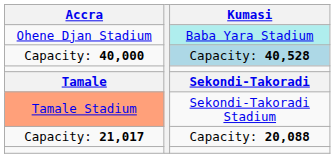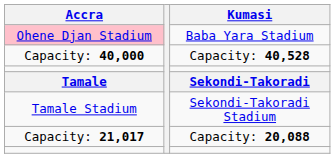 <table class=wikitable style="text-align:center">
 <tr>
 <th width=160><a href='#'>Accra</a></th>
 <th rowspan=8><br></th>
 <th width=160><a href='#'>Kumasi</a></th>
 </tr>
 <tr>
-<td><a href='#'>Ohene Djan Stadium</a></td>
-<td style="background: paleturquoise;"><a href='#'>Baba Yara Stadium</a></td>
+<td style="background: pink;"><a href='#'>Ohene Djan Stadium</a></td>
+<td><a href='#'>Baba Yara Stadium</a></td>
 </tr>
 <tr>
 <td>Capacity: <strong>40,000</strong></td>
-<td style="background: lightblue;">Capacity: <strong>40,528</strong></td>
+<td>Capacity: <strong>40,528</strong></td>
 </tr>
 <tr>
 <td></td>
 <td></td>
 </tr>
 <tr>
 <th width=160><a href='#'>Tamale</a></th>
 <th><a href='#'>Sekondi-Takoradi</a></th>
 </tr>
 <tr>
-<td style="background: lightsalmon;"><a href='#'>Tamale Stadium</a></td>
+<td><a href='#'>Tamale Stadium</a></td>
 <td><a href='#'>Sekondi-Takoradi Stadium</a></td>
 </tr>
 <tr>
 <td>Capacity: <strong>21,017</strong></td>
 <td>Capacity: <strong>20,088</strong></td>
 </tr>
 <tr>
 <td></td>
 <td></td>
 </tr>
 </table>
